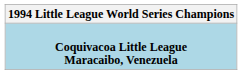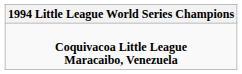 <table class="wikitable" style="text-align: center; margin: 0 auto;">
 <tr>
 <th>1994 Little League World Series Champions</th>
 </tr>
 <tr>
-<td style="background: lightblue;"><br><strong>Coquivacoa Little League</strong><br><strong>Maracaibo, Venezuela</strong><br></td>
+<td><br><strong>Coquivacoa Little League</strong><br><strong>Maracaibo, Venezuela</strong><br></td>
 </tr>
 </table>
